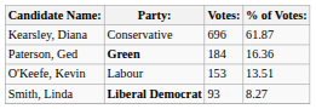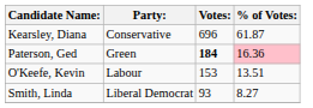 <table class="wikitable">
 <tr>
 <th>Candidate Name:</th>
 <th>Party:</th>
 <th>Votes:</th>
 <th>% of Votes:</th>
 </tr>
 <tr>
 <td>Kearsley, Diana</td>
 <td>Conservative</td>
 <td>696</td>
 <td>61.87</td>
 </tr>
 <tr>
 <td>Paterson, Ged</td>
-<td><strong>Green</strong></td>
-<td>184</td>
-<td>16.36</td>
+<td>Green</td>
+<td><strong>184</strong></td>
+<td style="background: pink;">16.36</td>
 </tr>
 <tr>
 <td>O'Keefe, Kevin</td>
 <td>Labour</td>
 <td>153</td>
 <td>13.51</td>
 </tr>
 <tr>
 <td>Smith, Linda</td>
-<td><strong>Liberal Democrat</strong></td>
+<td>Liberal Democrat</td>
 <td>93</td>
 <td>8.27</td>
 </tr>
 <tr>
 </tr>
 </table>
